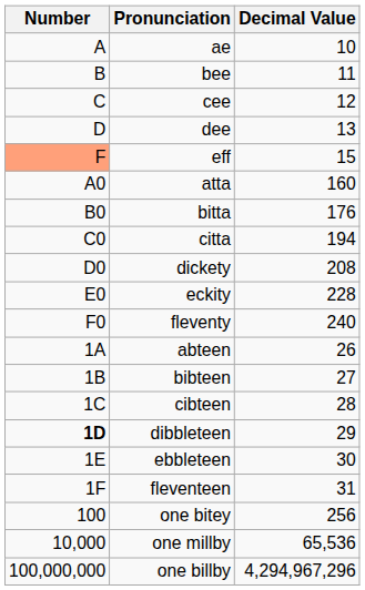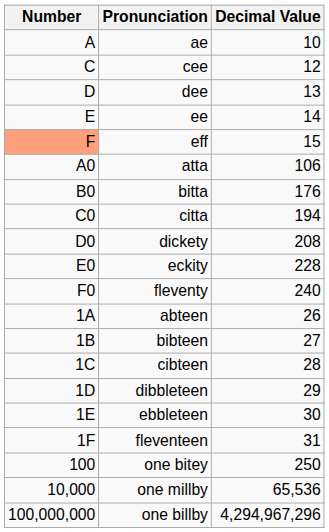 <table class="wikitable" style="display: inline-table; margin-right: 50px;; text-align:right;">
 <tr style="font-weight:bold; text-align:center;">
 <th>Number</th>
 <th>Pronunciation</th>
 <th>Decimal Value</th>
 </tr>
 <tr>
 <td>A</td>
 <td>ae</td>
 <td>10</td>
 </tr>
 <tr>
-<td>B</td>
-<td>bee</td>
-<td>11</td>
-</tr>
-<tr>
 <td>C</td>
 <td>cee</td>
 <td>12</td>
 </tr>
 <tr>
 <td>D</td>
 <td>dee</td>
 <td>13</td>
 </tr>
 <tr>
+<td>E</td>
+<td>ee</td>
+<td>14</td>
+</tr>
+<tr>
 <td style="background: lightsalmon;">F</td>
 <td>eff</td>
 <td>15</td>
 </tr>
 <tr>
 <td>A0</td>
 <td>atta</td>
-<td>160</td>
+<td>106</td>
 </tr>
 <tr>
 <td>B0</td>
 <td>bitta</td>
 <td>176</td>
 </tr>
 <tr>
 <td>C0</td>
 <td>citta</td>
 <td>194</td>
 </tr>
 <tr>
 <td>D0</td>
 <td>dickety</td>
 <td>208</td>
 </tr>
 <tr>
 <td>E0</td>
 <td>eckity</td>
 <td>228</td>
 </tr>
 <tr>
 <td>F0</td>
 <td>fleventy</td>
 <td>240</td>
 </tr>
 <tr>
 <td>1A</td>
 <td>abteen</td>
 <td>26</td>
 </tr>
 <tr>
 <td>1B</td>
 <td>bibteen</td>
 <td>27</td>
 </tr>
 <tr>
 <td>1C</td>
 <td>cibteen</td>
 <td>28</td>
 </tr>
 <tr>
-<td><strong>1D</strong></td>
+<td>1D</td>
 <td>dibbleteen</td>
 <td>29</td>
 </tr>
 <tr>
 <td>1E</td>
 <td>ebbleteen</td>
 <td>30</td>
 </tr>
 <tr>
 <td>1F</td>
 <td>fleventeen</td>
 <td>31</td>
 </tr>
 <tr>
 <td>100</td>
 <td>one bitey</td>
-<td>256</td>
+<td>250</td>
 </tr>
 <tr>
 <td>10,000</td>
 <td>one millby</td>
 <td>65,536</td>
 </tr>
 <tr>
 <td>100,000,000</td>
 <td>one billby</td>
 <td>4,294,967,296</td>
 </tr>
 </table>
